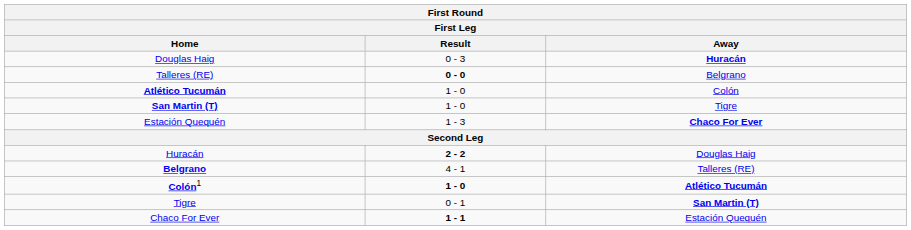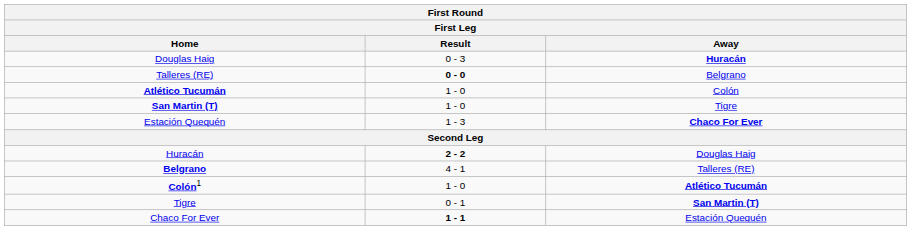 <table align=center class="wikitable collapsible collapsed" style="font-size:95%; text-align: center; width: 70%;">
 <tr>
 <th colspan=100% style="with: 100%;" align=center>First Round</th>
 </tr>
 <tr>
 <th colspan=100% style="with: 75%;" align=center>First Leg</th>
 </tr>
 <tr>
 <th width=30%>Home</th>
 <th width=15%>Result</th>
 <th width=30%>Away</th>
 </tr>
 <tr align=center>
 <td><a href='#'>Douglas Haig</a></td>
 <td>0 - 3</td>
 <td><strong><a href='#'>Huracán</a></strong></td>
 </tr>
 <tr align=center>
 <td><a href='#'>Talleres (RE)</a></td>
 <td><strong>0 - 0</strong></td>
 <td><a href='#'>Belgrano</a></td>
 </tr>
 <tr align=center>
 <td><strong><a href='#'>Atlético Tucumán</a></strong></td>
 <td>1 - 0</td>
 <td><a href='#'>Colón</a></td>
 </tr>
 <tr align=center>
 <td><strong><a href='#'>San Martin (T)</a></strong></td>
 <td>1 - 0</td>
 <td><a href='#'>Tigre</a></td>
 </tr>
 <tr align=center>
 <td><a href='#'>Estación Quequén</a></td>
 <td>1 - 3</td>
 <td><strong><a href='#'>Chaco For Ever</a> </strong></td>
 </tr>
 <tr>
 <th colspan="100%"  style="with:75%; text-align:center;">Second Leg</th>
 </tr>
 <tr align=center>
 <td><a href='#'>Huracán</a></td>
 <td><strong>2 - 2</strong></td>
 <td><a href='#'>Douglas Haig</a></td>
 </tr>
 <tr align=center>
 <td><strong><a href='#'>Belgrano</a></strong></td>
 <td>4 - 1</td>
 <td><a href='#'>Talleres (RE)</a></td>
 </tr>
 <tr align=center>
 <td><strong><a href='#'>Colón</a></strong><sup>1</sup></td>
-<td><strong>1 - 0</strong></td>
+<td>1 - 0</td>
 <td><strong><a href='#'>Atlético Tucumán</a></strong></td>
 </tr>
 <tr align=center>
 <td><a href='#'>Tigre</a></td>
 <td>0 - 1</td>
 <td><strong><a href='#'>San Martin (T)</a></strong></td>
 </tr>
 <tr align=center>
 <td><a href='#'>Chaco For Ever</a></td>
 <td><strong>1 - 1</strong></td>
 <td><a href='#'>Estación Quequén</a></td>
 </tr>
 </table>
